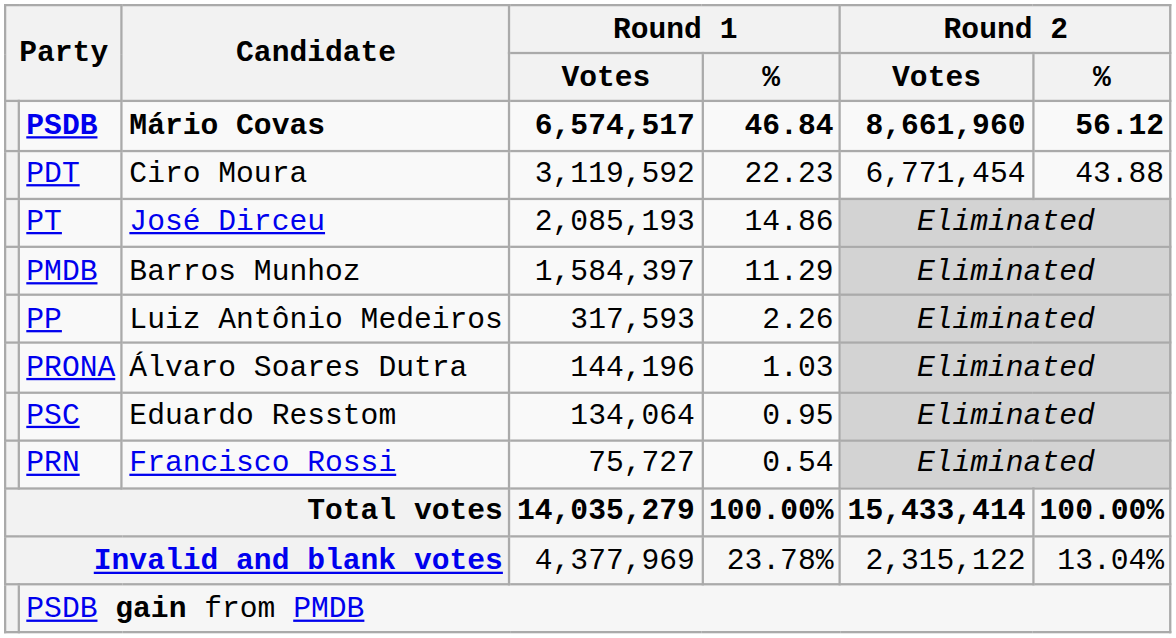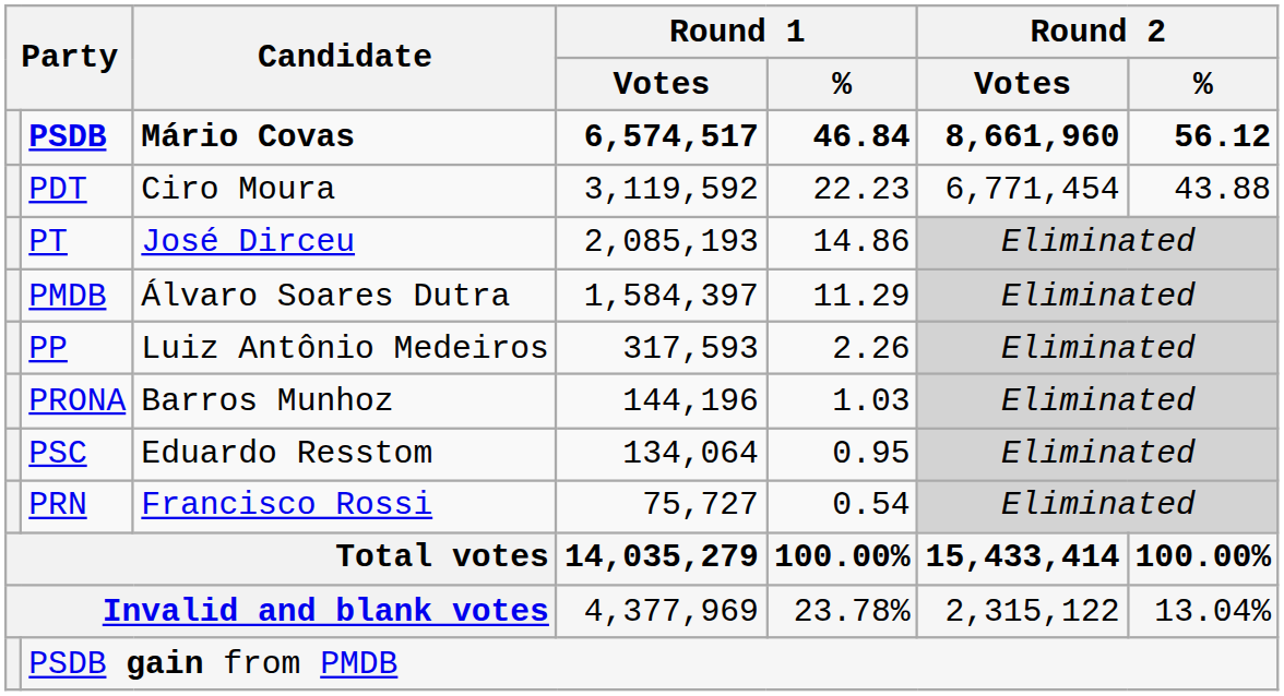 <table class="wikitable sortable" style="text-align:right">
 <tr>
 <th colspan=2 rowspan=2>Party</th>
 <th rowspan=2>Candidate</th>
 <th colspan=2>Round 1</th>
 <th colspan=2>Round 2</th>
 </tr>
 <tr>
 <th>Votes</th>
 <th>%</th>
 <th>Votes</th>
 <th>%</th>
 </tr>
 <tr>
 <th style="background-color:"></th>
 <td style="text-align:left"><strong><a href='#'>PSDB</a></strong></td>
 <td style="text-align:left"><strong>Mário Covas</strong></td>
 <td><strong>6,574,517</strong></td>
 <td><strong>46.84</strong></td>
 <td><strong>8,661,960</strong></td>
 <td><strong>56.12</strong></td>
 </tr>
 <tr>
 <th style="background-color:"></th>
 <td style="text-align:left"><a href='#'>PDT</a></td>
 <td style="text-align:left">Ciro Moura</td>
 <td>3,119,592</td>
 <td>22.23</td>
 <td>6,771,454</td>
 <td>43.88</td>
 </tr>
 <tr>
 <th style="background-color:"></th>
 <td style="text-align:left"><a href='#'>PT</a></td>
 <td style="text-align:left"><a href='#'>José Dirceu</a></td>
 <td>2,085,193</td>
 <td>14.86</td>
 <td colspan="2"  style="background:lightgrey; text-align:center;"><em>Eliminated</em></td>
 </tr>
 <tr>
 <th style="background-color:"></th>
 <td style="text-align:left"><a href='#'>PMDB</a></td>
-<td style="text-align:left">Barros Munhoz</td>
+<td style="text-align:left">Álvaro Soares Dutra</td>
 <td>1,584,397</td>
 <td>11.29</td>
 <td colspan="2"  style="background:lightgrey; text-align:center;"><em>Eliminated</em></td>
 </tr>
 <tr>
 <th style="background-color:"></th>
 <td style="text-align:left"><a href='#'>PP</a></td>
 <td style="text-align:left">Luiz Antônio Medeiros</td>
 <td>317,593</td>
 <td>2.26</td>
 <td colspan="2"  style="background:lightgrey; text-align:center;"><em>Eliminated</em></td>
 </tr>
 <tr>
 <th style="background-color:"></th>
 <td style="text-align:left"><a href='#'>PRONA</a></td>
-<td style="text-align:left">Álvaro Soares Dutra</td>
+<td style="text-align:left">Barros Munhoz</td>
 <td>144,196</td>
 <td>1.03</td>
 <td colspan="2"  style="background:lightgrey; text-align:center;"><em>Eliminated</em></td>
 </tr>
 <tr>
 <th style="background-color:"></th>
 <td style="text-align:left"><a href='#'>PSC</a></td>
 <td style="text-align:left">Eduardo Resstom</td>
 <td>134,064</td>
 <td>0.95</td>
 <td colspan="2"  style="background:lightgrey; text-align:center;"><em>Eliminated</em></td>
 </tr>
 <tr>
 <th style="background-color:"></th>
 <td style="text-align:left"><a href='#'>PRN</a></td>
 <td style="text-align:left"><a href='#'>Francisco Rossi</a></td>
 <td>75,727</td>
 <td>0.54</td>
 <td colspan="2"  style="background:lightgrey; text-align:center;"><em>Eliminated</em></td>
 </tr>
 <tr class="sortbottom" style="background:#f6f6f6;">
 <th colspan=3 scope="row" style="text-align:right;">Total votes</th>
 <td><strong>14,035,279</strong></td>
 <td><strong>100.00%</strong></td>
 <td><strong>15,433,414</strong></td>
 <td><strong>100.00%</strong></td>
 </tr>
 <tr class="sortbottom" style="background:#f6f6f6;">
 <th colspan=3 scope="row" style="text-align:right;"><a href='#'>Invalid and blank votes</a></th>
 <td>4,377,969</td>
 <td>23.78%</td>
 <td>2,315,122</td>
 <td>13.04%</td>
 </tr>
 <tr class="sortbottom" style="background:#f6f6f6;">
 <th style="background-color:"></th>
 <td style="text-align:left" colspan=6><a href='#'>PSDB</a> <strong>gain</strong> from <a href='#'>PMDB</a></td>
 </tr>
 </table>
